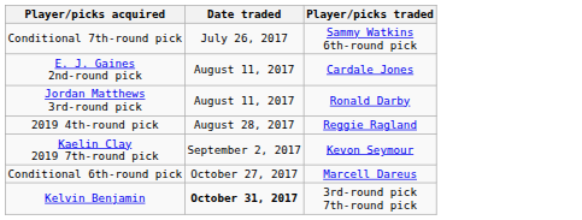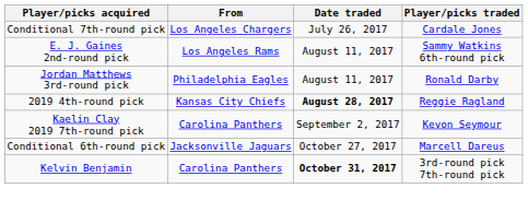 <table class="wikitable sortable" style="text-align: center">
 <tr>
 <th>Player/picks acquired</th>
+<th>From</th>
 <th>Date traded</th>
 <th>Player/picks traded</th>
 </tr>
 <tr>
 <td>Conditional 7th-round pick</td>
+<td><a href='#'>Los Angeles Chargers</a></td>
 <td>July 26, 2017</td>
+<td><a href='#'>Cardale Jones</a></td>
+</tr>
+<tr>
+<td><a href='#'>E. J. Gaines</a><br>2nd-round pick</td>
+<td><a href='#'>Los Angeles Rams</a></td>
+<td>August 11, 2017</td>
 <td><a href='#'>Sammy Watkins</a><br>6th-round pick</td>
 </tr>
 <tr>
-<td><a href='#'>E. J. Gaines</a><br>2nd-round pick</td>
-<td>August 11, 2017</td>
-<td><a href='#'>Cardale Jones</a></td>
-</tr>
-<tr>
 <td><a href='#'>Jordan Matthews</a><br>3rd-round pick</td>
+<td><a href='#'>Philadelphia Eagles</a></td>
 <td>August 11, 2017</td>
 <td><a href='#'>Ronald Darby</a></td>
 </tr>
 <tr>
 <td>2019 4th-round pick</td>
-<td>August 28, 2017</td>
+<td><a href='#'>Kansas City Chiefs</a></td>
+<td><strong>August 28, 2017</strong></td>
 <td><a href='#'>Reggie Ragland</a></td>
 </tr>
 <tr>
 <td><a href='#'>Kaelin Clay</a><br>2019 7th-round pick</td>
+<td><a href='#'>Carolina Panthers</a></td>
 <td>September 2, 2017</td>
 <td><a href='#'>Kevon Seymour</a></td>
 </tr>
 <tr>
 <td>Conditional 6th-round pick</td>
+<td><a href='#'>Jacksonville Jaguars</a></td>
 <td>October 27, 2017</td>
 <td><a href='#'>Marcell Dareus</a></td>
 </tr>
 <tr>
 <td><a href='#'>Kelvin Benjamin</a></td>
+<td><a href='#'>Carolina Panthers</a></td>
 <td><strong>October 31, 2017</strong></td>
 <td>3rd-round pick<br> 7th-round pick</td>
 </tr>
 </table>
